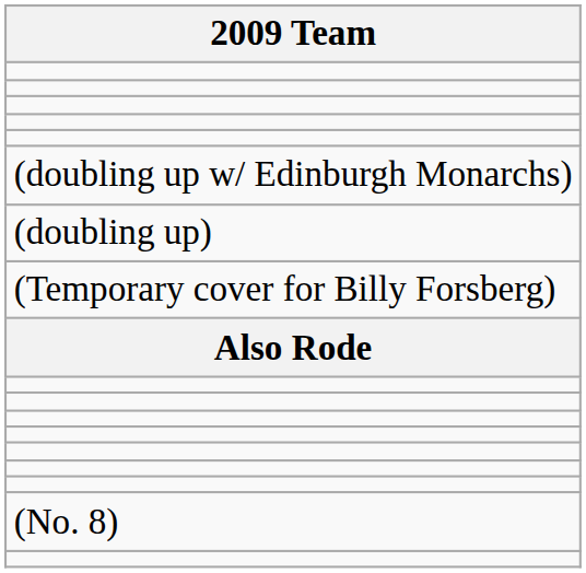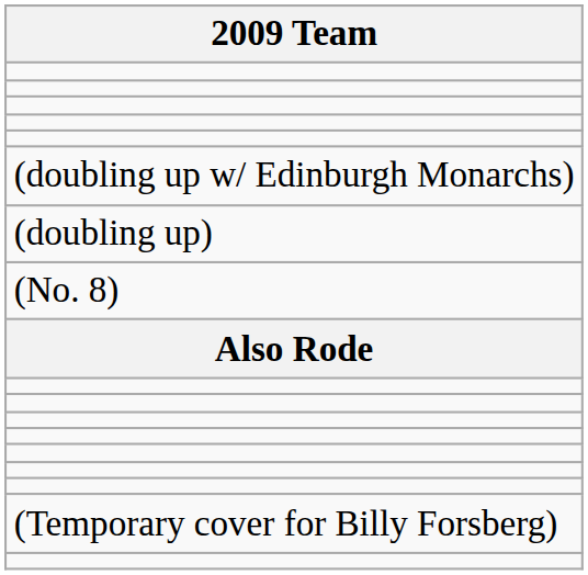 <table class="wikitable collapsible collapsed">
 <tr>
 <th>2009 Team</th>
 </tr>
 <tr>
 <td></td>
 </tr>
 <tr>
 <td></td>
 </tr>
 <tr>
 <td></td>
 </tr>
 <tr>
 <td></td>
 </tr>
 <tr>
 <td></td>
 </tr>
 <tr>
 <td> (doubling up w/ Edinburgh Monarchs)</td>
 </tr>
 <tr>
 <td> (doubling up)</td>
 </tr>
 <tr>
-<td> (Temporary cover for Billy Forsberg)</td>
+<td> (No. 8)</td>
 </tr>
 <tr>
 <th>Also Rode</th>
 </tr>
 <tr>
 <td></td>
 </tr>
 <tr>
 <td></td>
 </tr>
 <tr>
 <td></td>
 </tr>
 <tr>
 <td></td>
 </tr>
 <tr>
 <td></td>
 </tr>
 <tr>
 <td></td>
 </tr>
 <tr>
 <td></td>
 </tr>
 <tr>
-<td> (No. 8)</td>
+<td> (Temporary cover for Billy Forsberg)</td>
 </tr>
 <tr>
 <td></td>
 </tr>
 </table>
